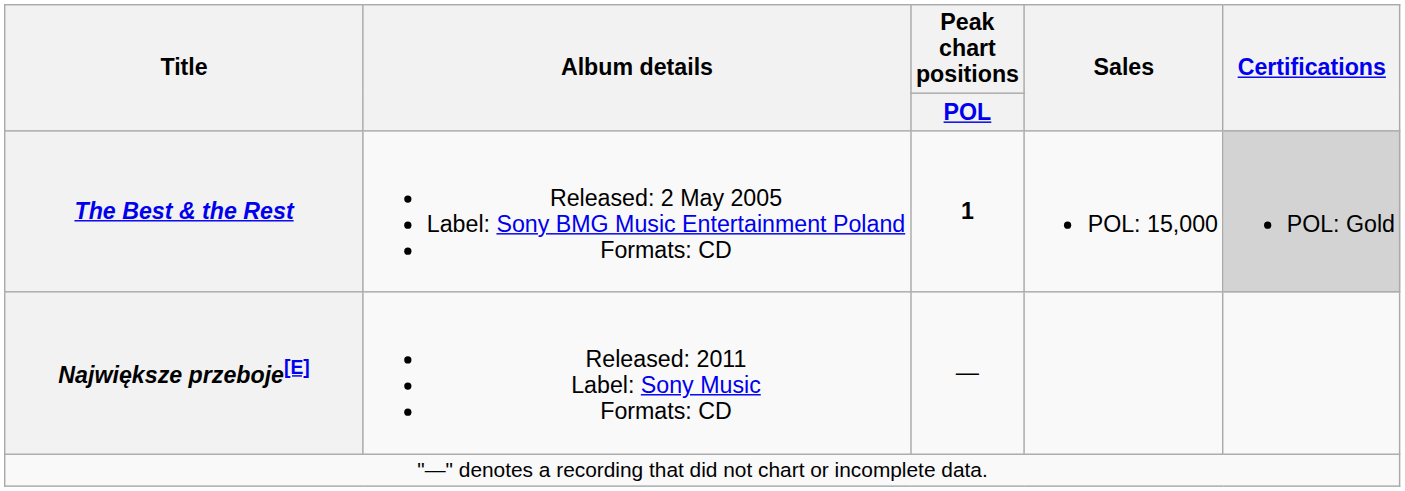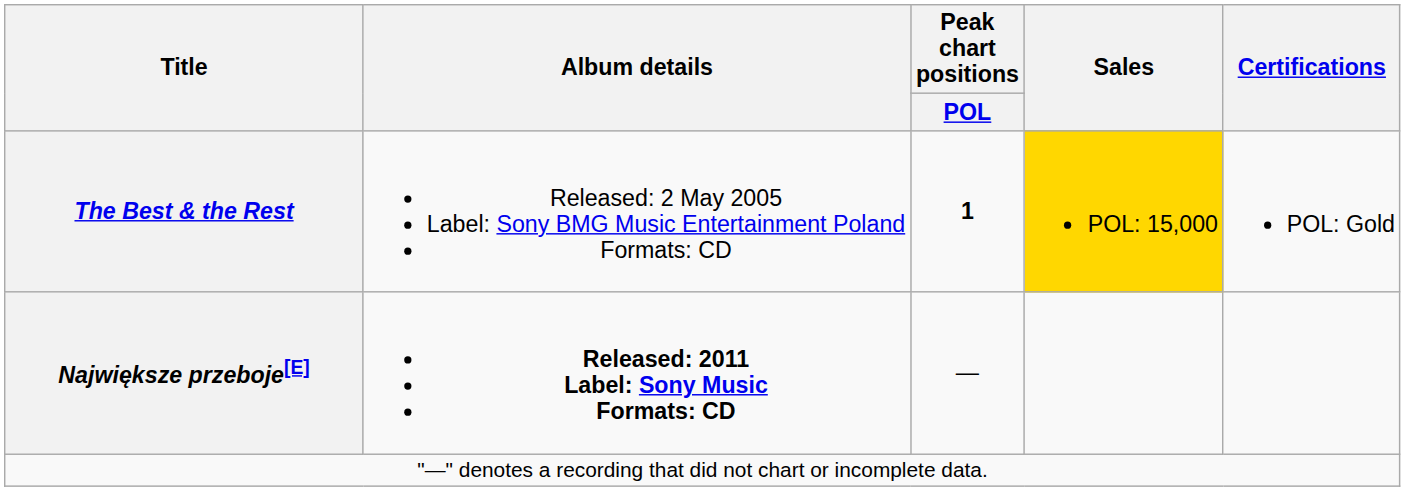 <table class="wikitable plainrowheaders" style="text-align:center;">
 <tr>
 <th scope="col" rowspan="2" style="width:15em;">Title</th>
 <th scope="col" rowspan="2">Album details</th>
 <th scope="col" colspan="1">Peak chart positions</th>
 <th scope="col" rowspan="2">Sales</th>
 <th scope="col" rowspan="2"><a href='#'>Certifications</a></th>
 </tr>
 <tr>
 <th scope="col" style="width:3em"><a href='#'>POL</a><br></th>
 </tr>
 <tr>
 <th scope="row"><em><a href='#'>The Best & the Rest</a></em></th>
 <td><br><ul><li>Released: 2 May 2005</li><li>Label: <a href='#'>Sony BMG Music Entertainment Poland</a></li><li>Formats: CD</li></ul></td>
 <td><strong>1</strong></td>
-<td><br><ul><li>POL: 15,000</li></ul></td>
-<td style="background: lightgrey;"><br><ul><li>POL: Gold</li></ul></td>
+<td style="background: gold;"><br><ul><li>POL: 15,000</li></ul></td>
+<td><br><ul><li>POL: Gold</li></ul></td>
 </tr>
 <tr>
 <th scope="row"><em>Największe przeboje</em><sup><span></span><a href='#'><strong>[E]</strong></a></sup></th>
-<td><br><ul><li>Released: 2011</li><li>Label: <a href='#'>Sony Music</a></li><li>Formats: CD</li></ul></td>
+<td><strong><br><ul><li>Released: 2011</li><li>Label: <a href='#'>Sony Music</a></li><li>Formats: CD</li></ul></strong></td>
 <td>—</td>
 <td></td>
 <td></td>
 </tr>
 <tr>
 <td colspan="20" style="font-size:90%">"—" denotes a recording that did not chart or incomplete data.</td>
 </tr>
 </table>
